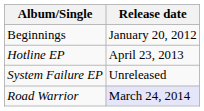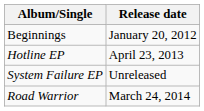 <table class="wikitable">
 <tr>
 <th>Album/Single</th>
 <th>Release date</th>
 </tr>
 <tr>
 <td>Beginnings</td>
 <td>January 20, 2012</td>
 </tr>
 <tr>
 <td><em>Hotline EP</em></td>
 <td>April 23, 2013</td>
 </tr>
 <tr>
 <td><em>System Failure EP</em></td>
 <td>Unreleased</td>
 </tr>
 <tr>
 <td><em>Road Warrior</em></td>
-<td style="background: lavender;">March 24, 2014</td>
+<td>March 24, 2014</td>
 </tr>
 </table>
